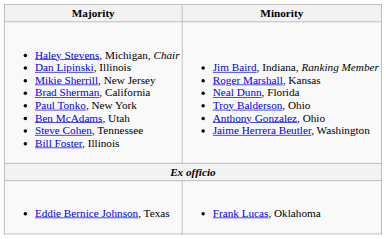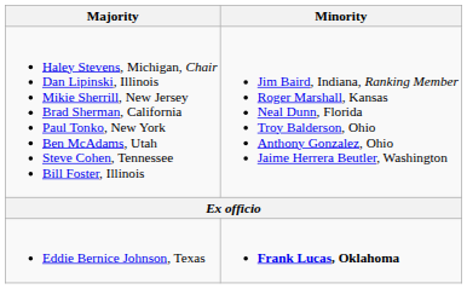 <table class="wikitable">
 <tr>
 <th>Majority</th>
 <th>Minority</th>
 </tr>
 <tr>
 <td><br><ul><li><a href='#'>Haley Stevens</a>, Michigan, <em>Chair</em></li><li><a href='#'>Dan Lipinski</a>, Illinois</li><li><a href='#'>Mikie Sherrill</a>, New Jersey</li><li><a href='#'>Brad Sherman</a>, California</li><li><a href='#'>Paul Tonko</a>, New York</li><li><a href='#'>Ben McAdams</a>, Utah</li><li><a href='#'>Steve Cohen</a>, Tennessee</li><li><a href='#'>Bill Foster</a>, Illinois</li></ul></td>
 <td><br><ul><li><a href='#'>Jim Baird</a>, Indiana, <em>Ranking Member</em></li><li><a href='#'>Roger Marshall</a>, Kansas</li><li><a href='#'>Neal Dunn</a>, Florida</li><li><a href='#'>Troy Balderson</a>, Ohio</li><li><a href='#'>Anthony Gonzalez</a>, Ohio</li><li><a href='#'>Jaime Herrera Beutler</a>, Washington</li></ul></td>
 </tr>
 <tr>
 <th colspan="2"><em>Ex officio</em></th>
 </tr>
 <tr>
 <td><br><ul><li><a href='#'>Eddie Bernice Johnson</a>, Texas</li></ul></td>
-<td><br><ul><li><a href='#'>Frank Lucas</a>, Oklahoma</li></ul></td>
+<td><strong><br><ul><li><a href='#'>Frank Lucas</a>, Oklahoma</li></ul></strong></td>
 </tr>
 </table>
